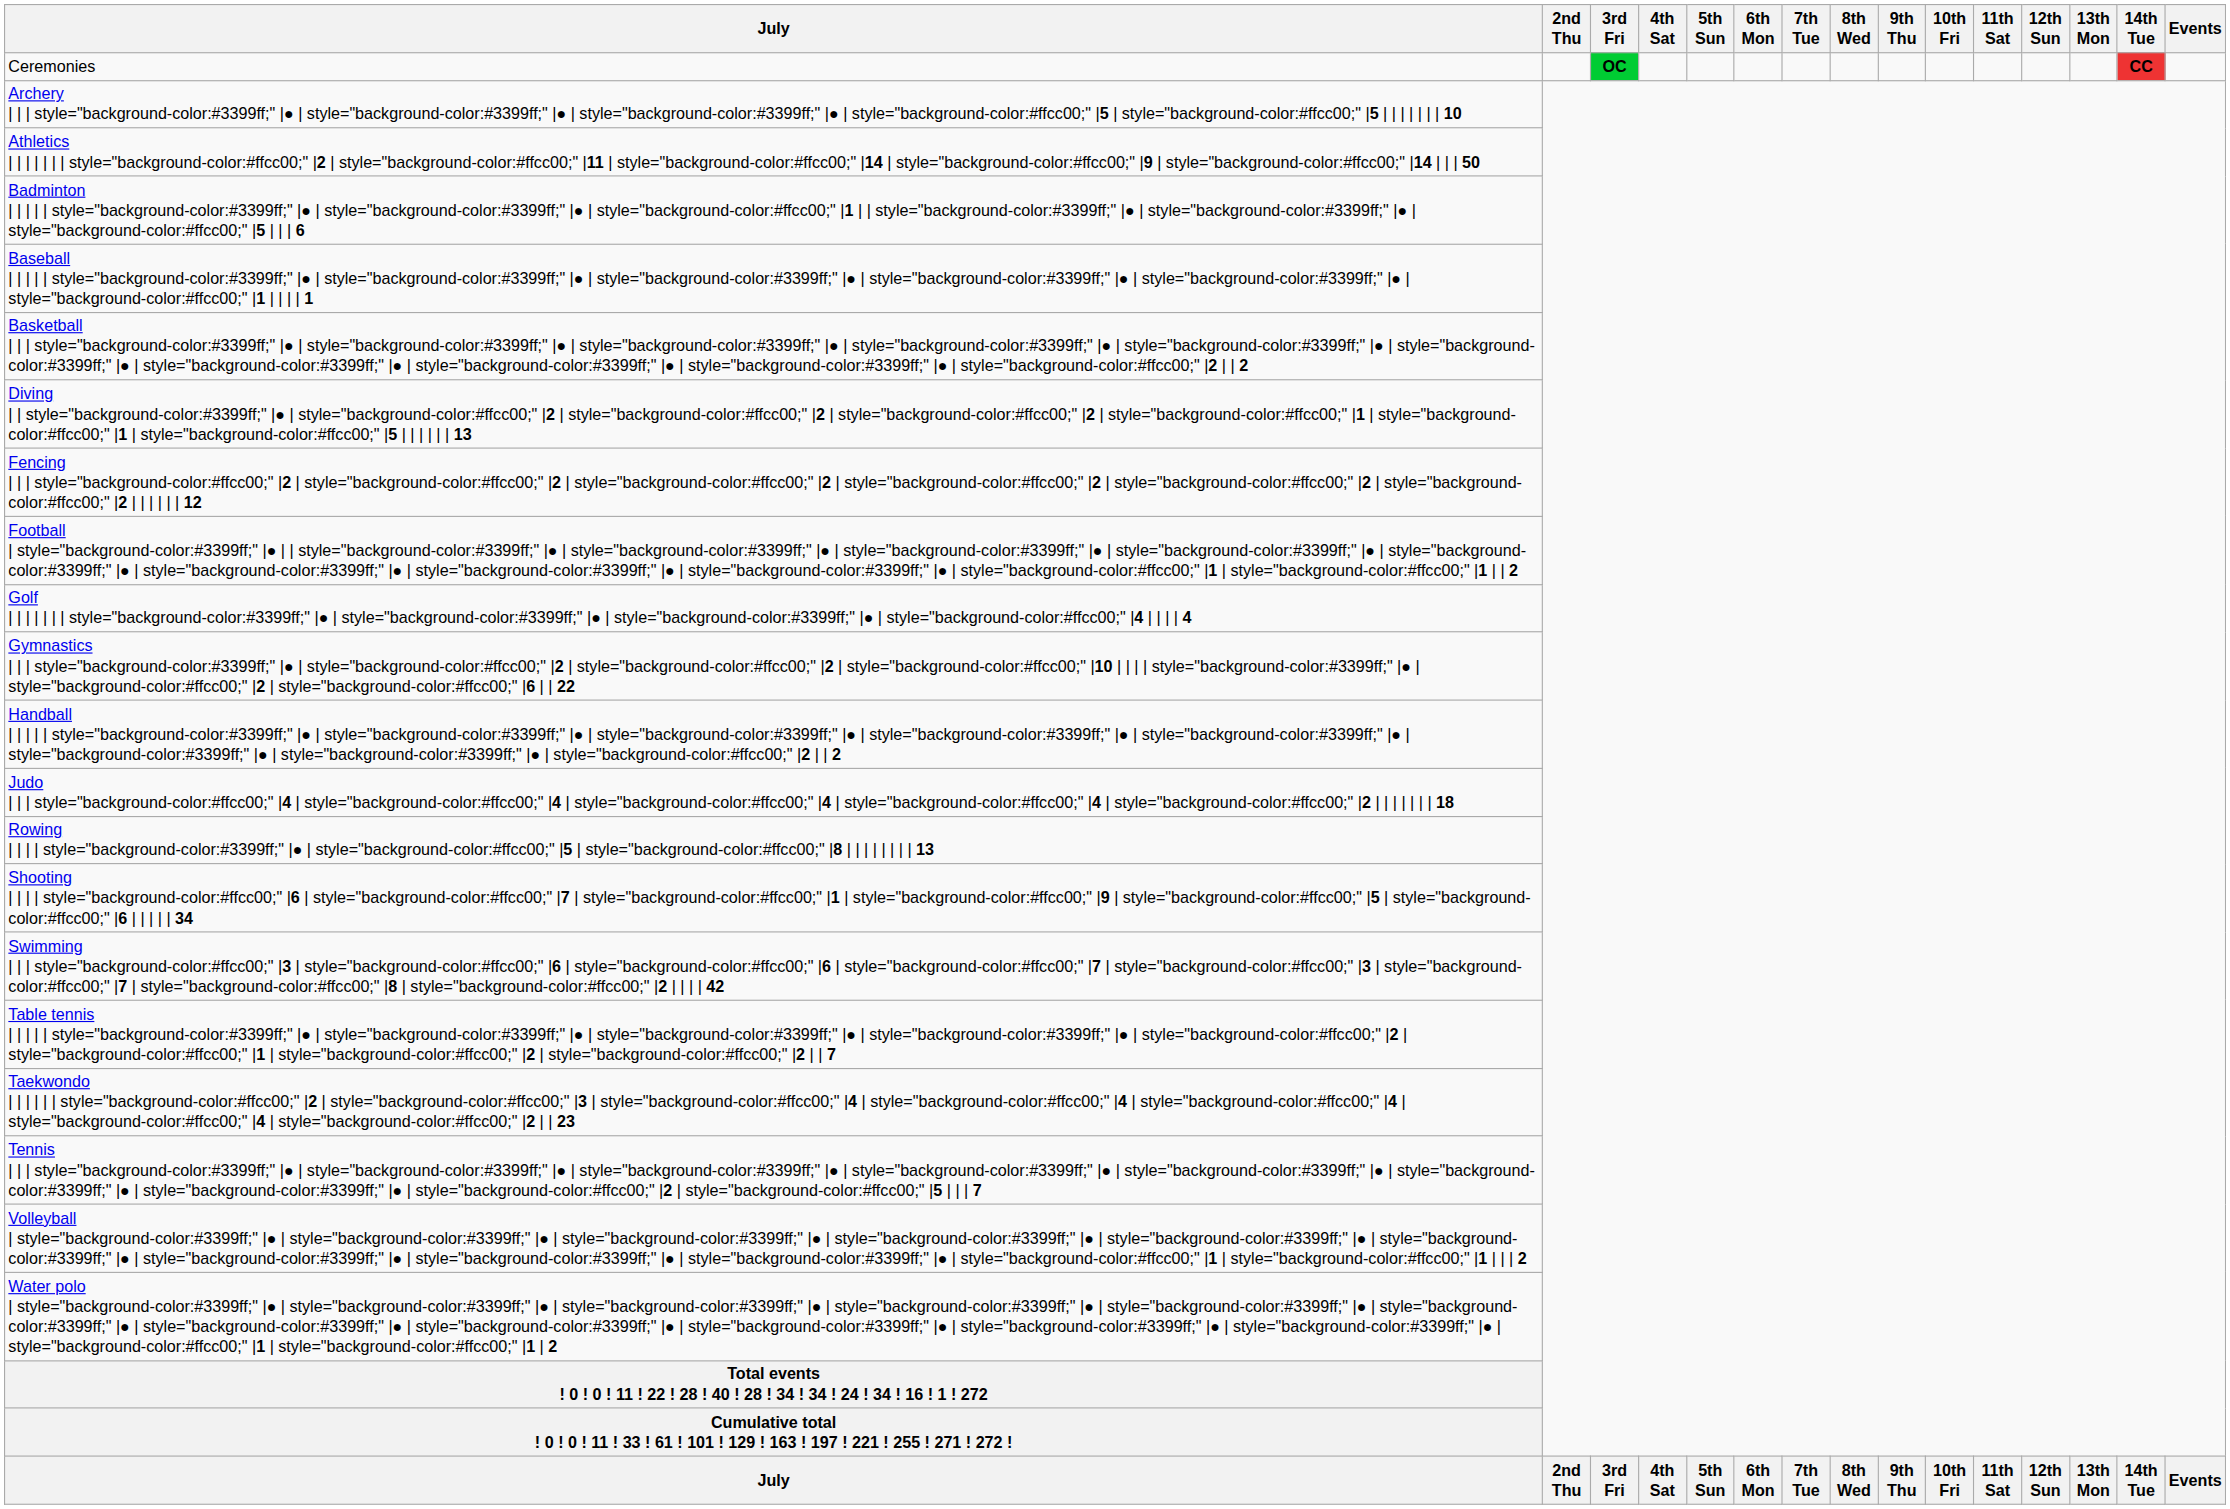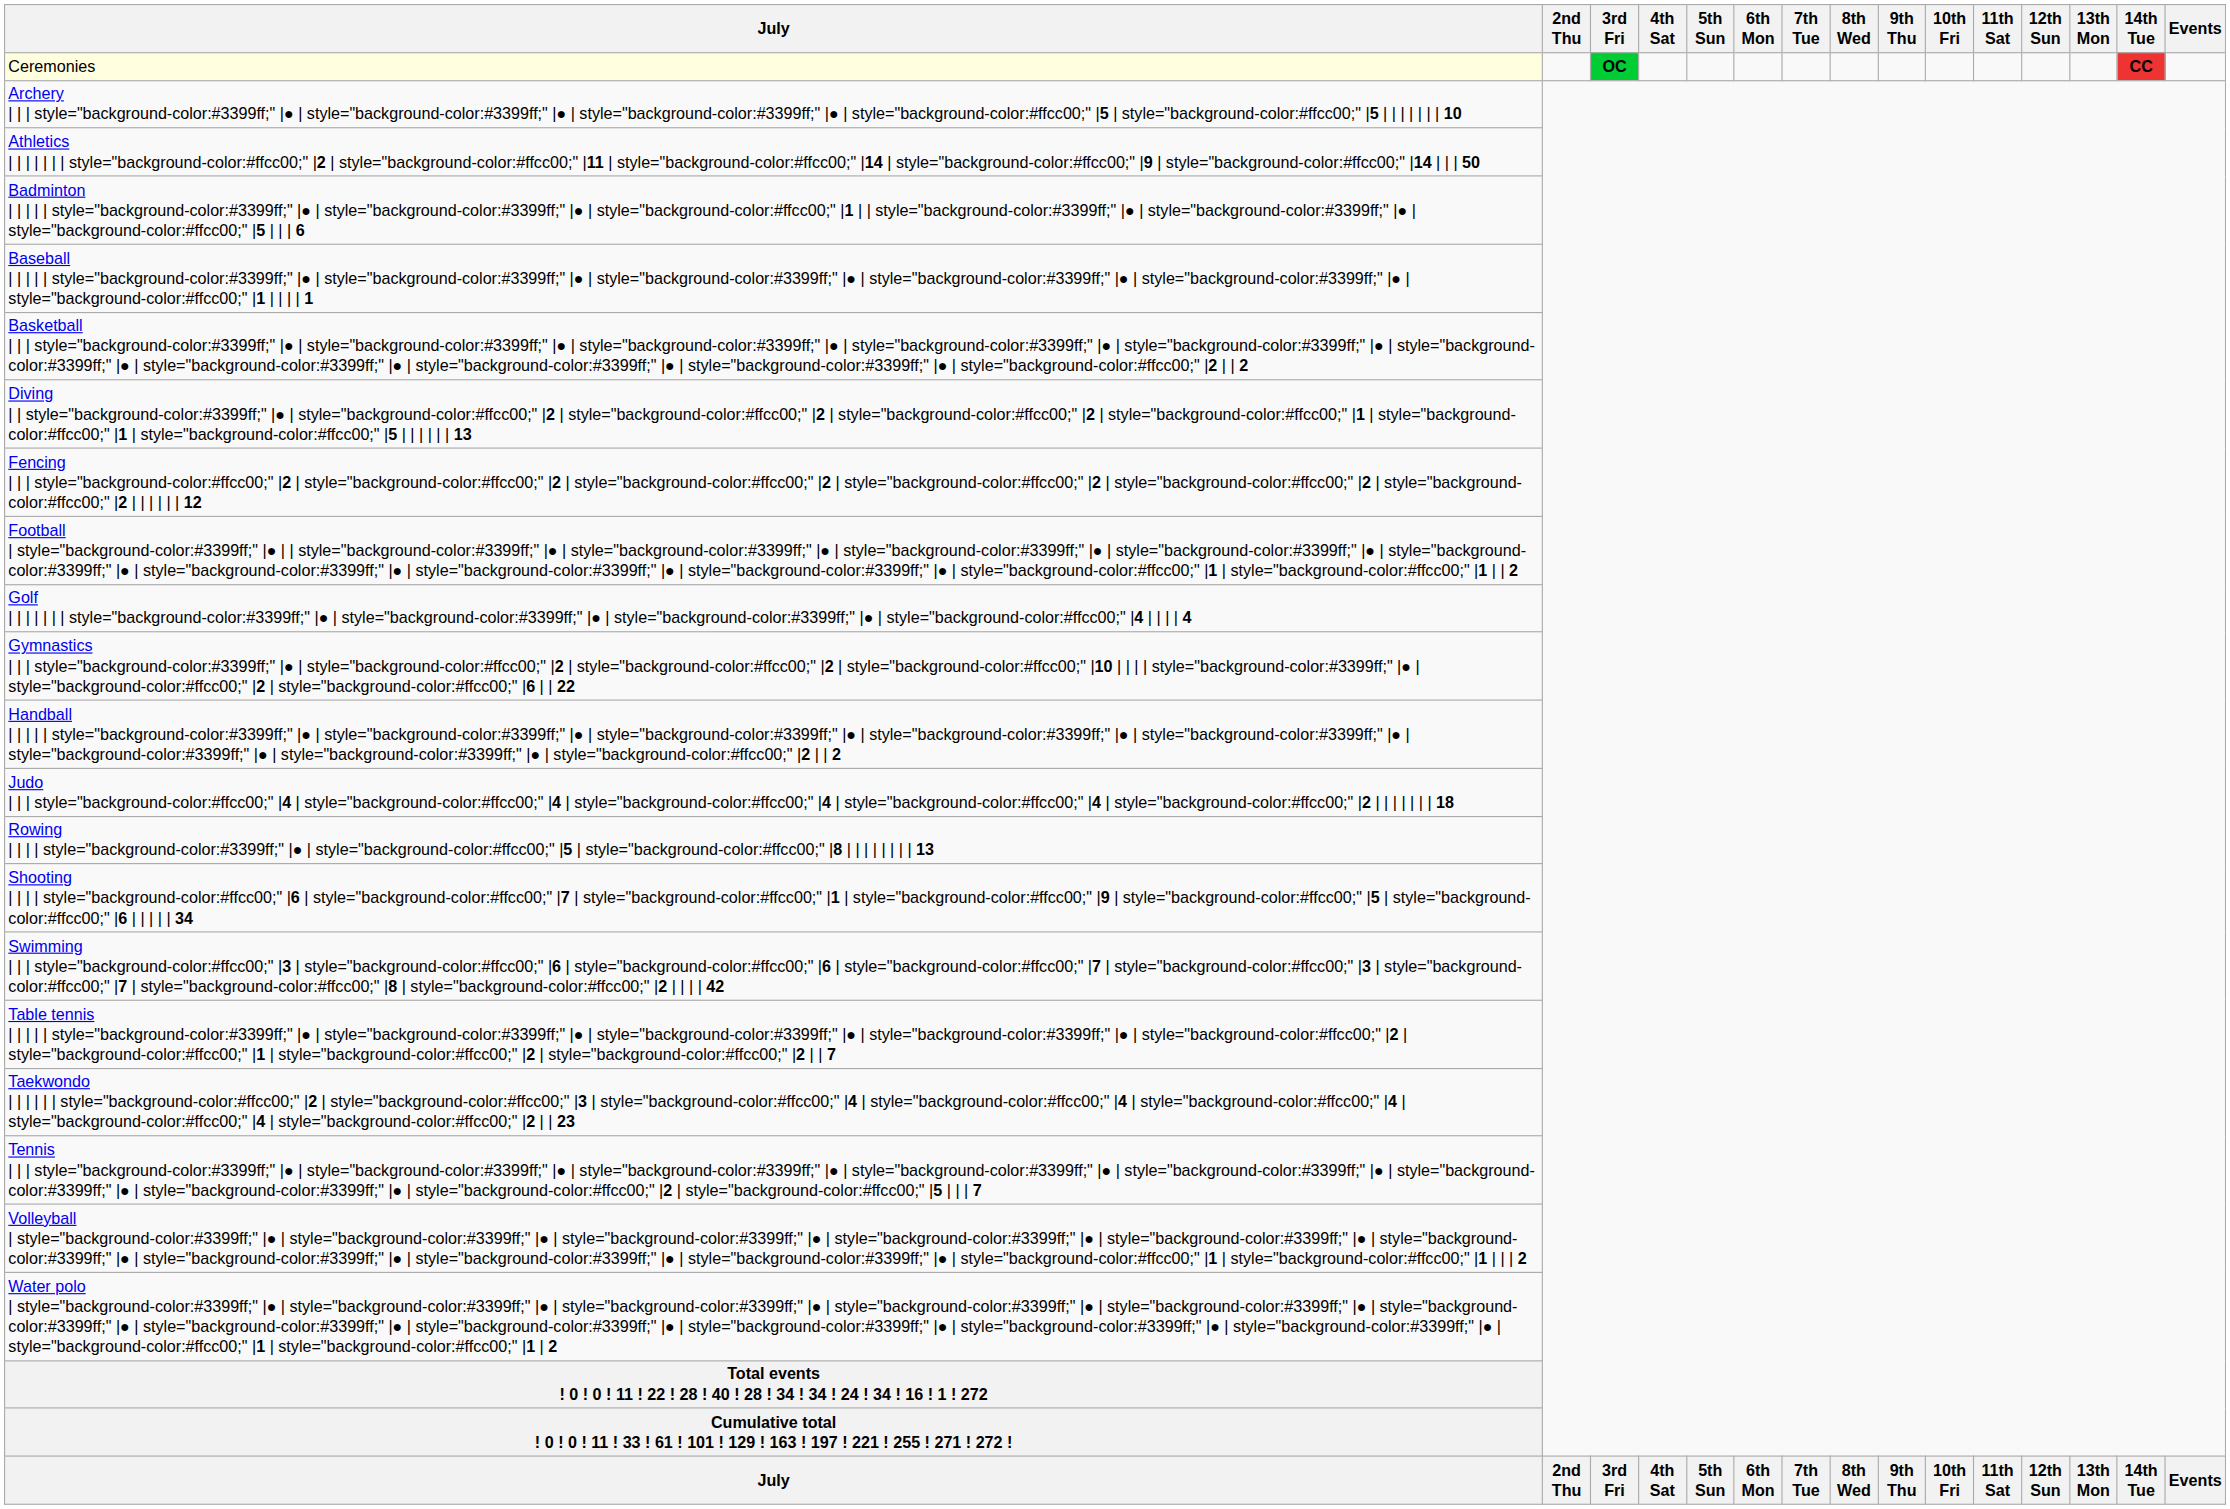 <table class="wikitable" style="margin:0.5em auto; font-size:90%; line-height:1.25em;">
 <tr>
 <th>July</th>
 <th style="width:2.5em">2nd<br>Thu</th>
 <th style="width:2.5em">3rd<br>Fri</th>
 <th style="width:2.5em">4th<br>Sat</th>
 <th style="width:2.5em">5th<br>Sun</th>
 <th style="width:2.5em">6th<br>Mon</th>
 <th style="width:2.5em">7th<br>Tue</th>
 <th style="width:2.5em">8th<br>Wed</th>
 <th style="width:2.5em">9th<br>Thu</th>
 <th style="width:2.5em">10th<br>Fri</th>
 <th style="width:2.5em">11th<br>Sat</th>
 <th style="width:2.5em">12th<br>Sun</th>
 <th style="width:2.5em">13th<br>Mon</th>
 <th style="width:2.5em">14th<br>Tue</th>
 <th>Events</th>
 </tr>
 <tr>
-<td>Ceremonies</td>
+<td style="background: lightyellow;">Ceremonies</td>
 <td></td>
 <td style="background:#00cc33; text-align:center;"><strong>OC</strong></td>
 <td></td>
 <td></td>
 <td></td>
 <td></td>
 <td></td>
 <td></td>
 <td></td>
 <td></td>
 <td></td>
 <td></td>
 <td style="background:#ee3333; text-align:center;"><strong>CC</strong></td>
 <td></td>
 </tr>
 <tr style="text-align:center;">
 <td style="text-align:left;"> <a href='#'>Archery</a><br>|  |  | style="background-color:#3399ff;" |● | style="background-color:#3399ff;" |● | style="background-color:#3399ff;" |● | style="background-color:#ffcc00;" |<strong>5</strong> | style="background-color:#ffcc00;" |<strong>5</strong> |  |  |  |  |  |  | <strong>10</strong></td>
 </tr>
 <tr style="text-align:center;">
 <td style="text-align:left;"> <a href='#'>Athletics</a><br>|  |  |  |  | |  | style="background-color:#ffcc00;" |<strong>2</strong> | style="background-color:#ffcc00;" |<strong>11</strong> | style="background-color:#ffcc00;" |<strong>14</strong> | style="background-color:#ffcc00;" |<strong>9</strong> | style="background-color:#ffcc00;" |<strong>14</strong> |  |  | <strong>50</strong></td>
 </tr>
 <tr style="text-align:center;">
 <td style="text-align:left;"> <a href='#'>Badminton</a><br>|  |  |  |  | style="background-color:#3399ff;" |● | style="background-color:#3399ff;" |● | style="background-color:#ffcc00;" |<strong>1</strong> |  | style="background-color:#3399ff;" |● | style="background-color:#3399ff;" |● | style="background-color:#ffcc00;" |<strong>5</strong> |  |  | <strong>6</strong></td>
 </tr>
 <tr style="text-align:center;">
 <td style="text-align:left;"> <a href='#'>Baseball</a><br>|  |  |  |  | style="background-color:#3399ff;" |● | style="background-color:#3399ff;" |● | style="background-color:#3399ff;" |● | style="background-color:#3399ff;" |● | style="background-color:#3399ff;" |● | style="background-color:#ffcc00;" |<strong>1</strong> |  |  |  | <strong>1</strong></td>
 </tr>
 <tr style="text-align:center;">
 <td style="text-align:left;"> <a href='#'>Basketball</a><br>|  |  | style="background-color:#3399ff;" |● | style="background-color:#3399ff;" |● | style="background-color:#3399ff;" |● | style="background-color:#3399ff;" |● | style="background-color:#3399ff;" |● | style="background-color:#3399ff;" |● | style="background-color:#3399ff;" |● | style="background-color:#3399ff;" |● | style="background-color:#3399ff;" |● | style="background-color:#ffcc00;" |<strong>2</strong> |  | <strong>2</strong></td>
 </tr>
 <tr style="text-align:center;">
 <td style="text-align:left;"> <a href='#'>Diving</a><br>|  | style="background-color:#3399ff;" |● | style="background-color:#ffcc00;" |<strong>2</strong> | style="background-color:#ffcc00;" |<strong>2</strong> | style="background-color:#ffcc00;" |<strong>2</strong> | style="background-color:#ffcc00;" |<strong>1</strong> | style="background-color:#ffcc00;" |<strong>1</strong> | style="background-color:#ffcc00;" |<strong>5</strong> |  |  |  |  |  | <strong>13</strong></td>
 </tr>
 <tr style="text-align:center;">
 <td style="text-align:left;"> <a href='#'>Fencing</a><br>|  |  | style="background-color:#ffcc00;" |<strong>2</strong> | style="background-color:#ffcc00;" |<strong>2</strong> | style="background-color:#ffcc00;" |<strong>2</strong> | style="background-color:#ffcc00;" |<strong>2</strong> | style="background-color:#ffcc00;" |<strong>2</strong> | style="background-color:#ffcc00;" |<strong>2</strong> |  |  |  |  |  | <strong>12</strong></td>
 </tr>
 <tr style="text-align:center;">
 <td style="text-align:left;"> <a href='#'>Football</a><br>| style="background-color:#3399ff;" |● |  | style="background-color:#3399ff;" |● | style="background-color:#3399ff;" |● | style="background-color:#3399ff;" |● | style="background-color:#3399ff;" |● | style="background-color:#3399ff;" |● | style="background-color:#3399ff;" |● | style="background-color:#3399ff;" |● | style="background-color:#3399ff;" |● | style="background-color:#ffcc00;" |<strong>1</strong> | style="background-color:#ffcc00;" |<strong>1</strong> |  | <strong>2</strong></td>
 </tr>
 <tr style="text-align:center;">
 <td style="text-align:left;"> <a href='#'>Golf</a><br>|  |  |  |  |  |  | style="background-color:#3399ff;" |● | style="background-color:#3399ff;" |● | style="background-color:#3399ff;" |● | style="background-color:#ffcc00;" |<strong>4</strong> |  |  |  | <strong>4</strong></td>
 </tr>
 <tr style="text-align:center;">
 <td style="text-align:left;"> <a href='#'>Gymnastics</a><br>|  |  | style="background-color:#3399ff;" |● | style="background-color:#ffcc00;" |<strong>2</strong> | style="background-color:#ffcc00;" |<strong>2</strong> | style="background-color:#ffcc00;" |<strong>10</strong> |  |  |  | style="background-color:#3399ff;" |● | style="background-color:#ffcc00;" |<strong>2</strong> | style="background-color:#ffcc00;" |<strong>6</strong> |  | <strong>22</strong></td>
 </tr>
 <tr style="text-align:center;">
 <td style="text-align:left;"> <a href='#'>Handball</a><br>|  |  |  |  | style="background-color:#3399ff;" |● | style="background-color:#3399ff;" |● | style="background-color:#3399ff;" |● | style="background-color:#3399ff;" |● | style="background-color:#3399ff;" |● | style="background-color:#3399ff;" |● | style="background-color:#3399ff;" |● | style="background-color:#ffcc00;" |<strong>2</strong> |  | <strong>2</strong></td>
 </tr>
 <tr style="text-align:center;">
 <td style="text-align:left;"> <a href='#'>Judo</a><br>|  |  | style="background-color:#ffcc00;" |<strong>4</strong> | style="background-color:#ffcc00;" |<strong>4</strong> | style="background-color:#ffcc00;" |<strong>4</strong> | style="background-color:#ffcc00;" |<strong>4</strong> | style="background-color:#ffcc00;" |<strong>2</strong> |  |  |  |  |  |  | <strong>18</strong></td>
 </tr>
 <tr style="text-align:center;">
 <td style="text-align:left;"> <a href='#'>Rowing</a><br>|  |  |  | style="background-color:#3399ff;" |● | style="background-color:#ffcc00;" |<strong>5</strong> | style="background-color:#ffcc00;" |<strong>8</strong> |  |  |  |  |  |  |  | <strong>13</strong></td>
 </tr>
 <tr style="text-align:center;">
 <td style="text-align:left;"> <a href='#'>Shooting</a><br>|  |  |  | style="background-color:#ffcc00;" |<strong>6</strong> | style="background-color:#ffcc00;" |<strong>7</strong> | style="background-color:#ffcc00;" |<strong>1</strong> | style="background-color:#ffcc00;" |<strong>9</strong> | style="background-color:#ffcc00;" |<strong>5</strong> | style="background-color:#ffcc00;" |<strong>6</strong> |  |  |  |  | <strong>34</strong></td>
 </tr>
 <tr style="text-align:center;">
 <td style="text-align:left;"> <a href='#'>Swimming</a><br>|  |  | style="background-color:#ffcc00;" |<strong>3</strong> | style="background-color:#ffcc00;" |<strong>6</strong> | style="background-color:#ffcc00;" |<strong>6</strong> | style="background-color:#ffcc00;" |<strong>7</strong> | style="background-color:#ffcc00;" |<strong>3</strong> | style="background-color:#ffcc00;" |<strong>7</strong> | style="background-color:#ffcc00;" |<strong>8</strong> | style="background-color:#ffcc00;" |<strong>2</strong> |  |  |  | <strong>42</strong></td>
 </tr>
 <tr style="text-align:center;">
 <td style="text-align:left;"> <a href='#'>Table tennis</a><br>|  |  |  |  | style="background-color:#3399ff;" |● | style="background-color:#3399ff;" |● | style="background-color:#3399ff;" |● | style="background-color:#3399ff;" |● | style="background-color:#ffcc00;" |<strong>2</strong> | style="background-color:#ffcc00;" |<strong>1</strong> | style="background-color:#ffcc00;" |<strong>2</strong> | style="background-color:#ffcc00;" |<strong>2</strong> |  | <strong>7</strong></td>
 </tr>
 <tr style="text-align:center;">
 <td style="text-align:left;"> <a href='#'>Taekwondo</a><br>|  |  |  |  |  | style="background-color:#ffcc00;" |<strong>2</strong> | style="background-color:#ffcc00;" |<strong>3</strong> | style="background-color:#ffcc00;" |<strong>4</strong> | style="background-color:#ffcc00;" |<strong>4</strong> | style="background-color:#ffcc00;" |<strong>4</strong> | style="background-color:#ffcc00;" |<strong>4</strong> | style="background-color:#ffcc00;" |<strong>2</strong> |  | <strong>23</strong></td>
 </tr>
 <tr style="text-align:center;">
 <td style="text-align:left;"> <a href='#'>Tennis</a><br>|  |  | style="background-color:#3399ff;" |● | style="background-color:#3399ff;" |● | style="background-color:#3399ff;" |● | style="background-color:#3399ff;" |● | style="background-color:#3399ff;" |● | style="background-color:#3399ff;" |● | style="background-color:#3399ff;" |● | style="background-color:#ffcc00;" |<strong>2</strong> | style="background-color:#ffcc00;" |<strong>5</strong> |  |  | <strong>7</strong></td>
 </tr>
 <tr style="text-align:center;">
 <td style="text-align:left;"> <a href='#'>Volleyball</a><br>| style="background-color:#3399ff;" |● | style="background-color:#3399ff;" |● | style="background-color:#3399ff;" |● | style="background-color:#3399ff;" |● | style="background-color:#3399ff;" |● | style="background-color:#3399ff;" |● | style="background-color:#3399ff;" |● | style="background-color:#3399ff;" |● | style="background-color:#3399ff;" |● | style="background-color:#ffcc00;" |<strong>1</strong> | style="background-color:#ffcc00;" |<strong>1</strong> |  |  | <strong>2</strong></td>
 </tr>
 <tr style="text-align:center;">
 <td style="text-align:left;"> <a href='#'>Water polo</a><br>| style="background-color:#3399ff;" |● | style="background-color:#3399ff;" |● | style="background-color:#3399ff;" |● | style="background-color:#3399ff;" |● | style="background-color:#3399ff;" |● | style="background-color:#3399ff;" |● | style="background-color:#3399ff;" |● | style="background-color:#3399ff;" |● | style="background-color:#3399ff;" |● | style="background-color:#3399ff;" |● | style="background-color:#3399ff;" |● | style="background-color:#ffcc00;" |<strong>1</strong> | style="background-color:#ffcc00;" |<strong>1</strong> | <strong>2</strong></td>
 </tr>
 <tr style="text-align:center;">
 <th>Total events<br>! 0 ! 0 ! 11 ! 22 ! 28 ! 40 ! 28 ! 34 ! 34 ! 24 ! 34 ! 16 ! 1 ! 272</th>
 </tr>
 <tr style="text-align:center;">
 <th>Cumulative total<br>! 0 ! 0 ! 11 ! 33 ! 61 ! 101 ! 129 ! 163 ! 197 ! 221 ! 255 ! 271 ! 272 !</th>
 </tr>
 <tr>
 <th>July</th>
 <th style="width:2.5em">2nd<br>Thu</th>
 <th style="width:2.5em">3rd<br>Fri</th>
 <th style="width:2.5em">4th<br>Sat</th>
 <th style="width:2.5em">5th<br>Sun</th>
 <th style="width:2.5em">6th<br>Mon</th>
 <th style="width:2.5em">7th<br>Tue</th>
 <th style="width:2.5em">8th<br>Wed</th>
 <th style="width:2.5em">9th<br>Thu</th>
 <th style="width:2.5em">10th<br>Fri</th>
 <th style="width:2.5em">11th<br>Sat</th>
 <th style="width:2.5em">12th<br>Sun</th>
 <th style="width:2.5em">13th<br>Mon</th>
 <th style="width:2.5em">14th<br>Tue</th>
 <th>Events</th>
 </tr>
 </table>
